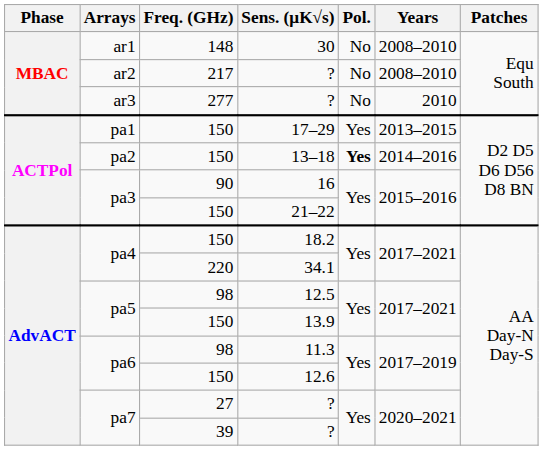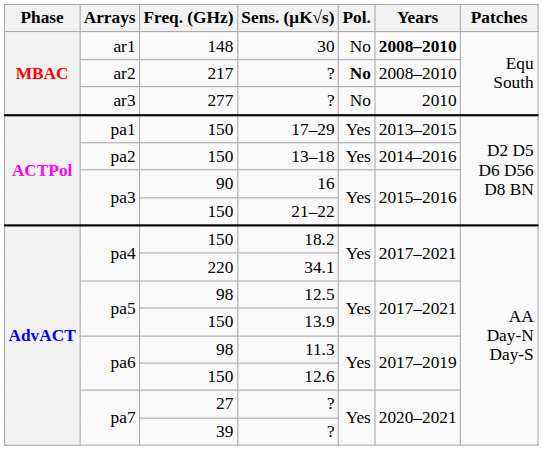 <table class="wikitable" style="text-align: right">
 <tr>
 <th>Phase</th>
 <th>Arrays</th>
 <th>Freq. (GHz)</th>
 <th>Sens. (μK√s)</th>
 <th>Pol.</th>
 <th>Years</th>
 <th style="width:4em">Patches</th>
 </tr>
 <tr>
 <th style="color: #f00" rowspan=3>MBAC</th>
 <td>ar1</td>
 <td>148</td>
 <td>30</td>
 <td>No</td>
-<td>2008–2010</td>
+<td><strong>2008–2010</strong></td>
 <td rowspan=3>Equ South</td>
 </tr>
 <tr>
 <td>ar2</td>
 <td>217</td>
 <td>?</td>
-<td>No</td>
+<td><strong>No</strong></td>
 <td>2008–2010</td>
 </tr>
 <tr>
 <td>ar3</td>
 <td>277</td>
 <td>?</td>
 <td>No</td>
 <td>2010</td>
 </tr>
 <tr style="border-top: 2px solid black">
 <th style="color: #f0f" rowspan=4>ACTPol</th>
 <td>pa1</td>
 <td>150</td>
 <td>17–29</td>
 <td>Yes</td>
 <td>2013–2015</td>
 <td rowspan=4>D2 D5 D6 D56 D8 BN</td>
 </tr>
 <tr>
 <td>pa2</td>
 <td>150</td>
 <td>13–18</td>
-<td><strong>Yes</strong></td>
+<td>Yes</td>
 <td>2014–2016</td>
 </tr>
 <tr>
 <td rowspan=2>pa3</td>
 <td>90</td>
 <td>16</td>
 <td rowspan=2>Yes</td>
 <td rowspan=2>2015–2016</td>
 </tr>
 <tr>
 <td>150</td>
 <td>21–22</td>
 </tr>
 <tr style="border-top: 2px solid black">
 <th style="color: #00f" rowspan=8>AdvACT</th>
 <td rowspan=2>pa4</td>
 <td>150</td>
 <td>18.2</td>
 <td rowspan=2>Yes</td>
 <td rowspan=2>2017–2021</td>
 <td rowspan=8>AA Day‑N Day‑S</td>
 </tr>
 <tr>
 <td>220</td>
 <td>34.1</td>
 </tr>
 <tr>
 <td rowspan=2>pa5</td>
 <td>98</td>
 <td>12.5</td>
 <td rowspan=2>Yes</td>
 <td rowspan=2>2017–2021</td>
 </tr>
 <tr>
 <td>150</td>
 <td>13.9</td>
 </tr>
 <tr>
 <td rowspan=2>pa6</td>
 <td>98</td>
 <td>11.3</td>
 <td rowspan=2>Yes</td>
 <td rowspan=2>2017–2019</td>
 </tr>
 <tr>
 <td>150</td>
 <td>12.6</td>
 </tr>
 <tr>
 <td rowspan=2>pa7</td>
 <td>27</td>
 <td>?</td>
 <td rowspan=2>Yes</td>
 <td rowspan=2>2020–2021</td>
 </tr>
 <tr>
 <td>39</td>
 <td>?</td>
 </tr>
 </table>
